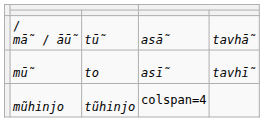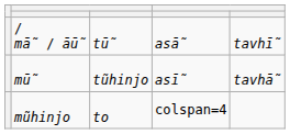 <table class="wikitable floatright">
 <tr>
 <th rowspan=2></th>
 <th colspan=2></th>
 <th colspan=2></th>
 </tr>
 <tr>
 <th></th>
 <th></th>
 <th></th>
 <th></th>
 </tr>
 <tr>
 <th></th>
 <td> / <br><em>mā̃</em> / <em>āū̃</em></td>
 <td><br><em>tū̃</em></td>
 <td><br><em>asā̃</em></td>
+<td><br><em>tavhī̃</em></td>
+</tr>
+<tr>
+<th></th>
+<td><br><em>mū̃</em></td>
+<td><br><em>tũhinjo</em></td>
+<td><br><em>asī̃</em></td>
 <td><br><em>tavhā̃</em></td>
 </tr>
 <tr>
 <th></th>
-<td><br><em>mū̃</em></td>
+<td><br><em>mũhinjo</em></td>
 <td><br><em>to</em></td>
-<td><br><em>asī̃</em></td>
-<td><br><em>tavhī̃</em></td>
-</tr>
-<tr>
-<th></th>
-<td><br><em>mũhinjo</em></td>
-<td><br><em>tũhinjo</em></td>
 <td>colspan=4 </td>
 </tr>
 </table>
